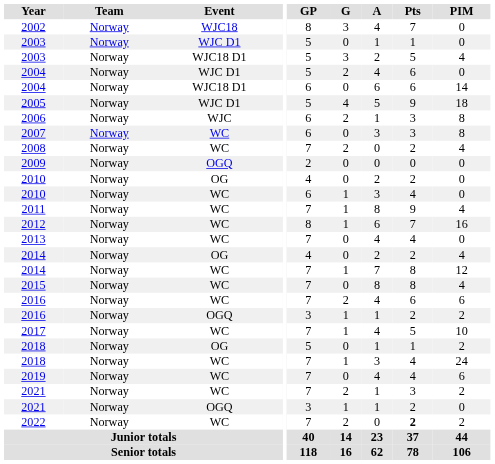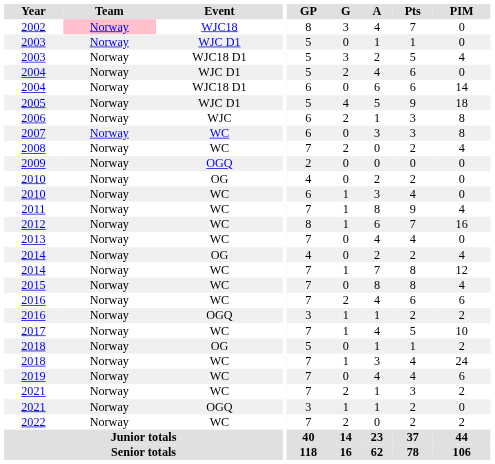 <table border="0" cellpadding="1" cellspacing="0" ID="Table3" style="text-align:center; width:40em">
 <tr ALIGN="center" bgcolor="#e0e0e0">
 <th>Year</th>
 <th>Team</th>
 <th>Event</th>
 <th rowspan="99" bgcolor="#ffffff"></th>
 <th>GP</th>
 <th>G</th>
 <th>A</th>
 <th>Pts</th>
 <th>PIM</th>
 </tr>
 <tr>
 <td><a href='#'>2002</a></td>
-<td><a href='#'>Norway</a></td>
+<td style="background: pink;"><a href='#'>Norway</a></td>
 <td><a href='#'>WJC18</a></td>
 <td>8</td>
 <td>3</td>
 <td>4</td>
 <td>7</td>
 <td>0</td>
 </tr>
 <tr style="background:#f0f0f0;">
 <td><a href='#'>2003</a></td>
 <td><a href='#'>Norway</a></td>
 <td><a href='#'>WJC D1</a></td>
 <td>5</td>
 <td>0</td>
 <td>1</td>
 <td>1</td>
 <td>0</td>
 </tr>
 <tr>
 <td><a href='#'>2003</a></td>
 <td>Norway</td>
 <td>WJC18 D1</td>
 <td>5</td>
 <td>3</td>
 <td>2</td>
 <td>5</td>
 <td>4</td>
 </tr>
 <tr style="background:#f0f0f0;">
 <td><a href='#'>2004</a></td>
 <td>Norway</td>
 <td>WJC D1</td>
 <td>5</td>
 <td>2</td>
 <td>4</td>
 <td>6</td>
 <td>0</td>
 </tr>
 <tr>
 <td><a href='#'>2004</a></td>
 <td>Norway</td>
 <td>WJC18 D1</td>
 <td>6</td>
 <td>0</td>
 <td>6</td>
 <td>6</td>
 <td>14</td>
 </tr>
 <tr style="background:#f0f0f0;">
 <td><a href='#'>2005</a></td>
 <td>Norway</td>
 <td>WJC D1</td>
 <td>5</td>
 <td>4</td>
 <td>5</td>
 <td>9</td>
 <td>18</td>
 </tr>
 <tr>
 <td><a href='#'>2006</a></td>
 <td>Norway</td>
 <td>WJC</td>
 <td>6</td>
 <td>2</td>
 <td>1</td>
 <td>3</td>
 <td>8</td>
 </tr>
 <tr style="background:#f0f0f0;">
 <td><a href='#'>2007</a></td>
 <td><a href='#'>Norway</a></td>
 <td><a href='#'>WC</a></td>
 <td>6</td>
 <td>0</td>
 <td>3</td>
 <td>3</td>
 <td>8</td>
 </tr>
 <tr>
 <td><a href='#'>2008</a></td>
 <td>Norway</td>
 <td>WC</td>
 <td>7</td>
 <td>2</td>
 <td>0</td>
 <td>2</td>
 <td>4</td>
 </tr>
 <tr style="background:#f0f0f0;">
 <td><a href='#'>2009</a></td>
 <td>Norway</td>
 <td><a href='#'>OGQ</a></td>
 <td>2</td>
 <td>0</td>
 <td>0</td>
 <td>0</td>
 <td>0</td>
 </tr>
 <tr>
 <td><a href='#'>2010</a></td>
 <td>Norway</td>
 <td>OG</td>
 <td>4</td>
 <td>0</td>
 <td>2</td>
 <td>2</td>
 <td>0</td>
 </tr>
 <tr style="background:#f0f0f0;">
 <td><a href='#'>2010</a></td>
 <td>Norway</td>
 <td>WC</td>
 <td>6</td>
 <td>1</td>
 <td>3</td>
 <td>4</td>
 <td>0</td>
 </tr>
 <tr>
 <td><a href='#'>2011</a></td>
 <td>Norway</td>
 <td>WC</td>
 <td>7</td>
 <td>1</td>
 <td>8</td>
 <td>9</td>
 <td>4</td>
 </tr>
 <tr style="background:#f0f0f0;">
 <td><a href='#'>2012</a></td>
 <td>Norway</td>
 <td>WC</td>
 <td>8</td>
 <td>1</td>
 <td>6</td>
 <td>7</td>
 <td>16</td>
 </tr>
 <tr>
 <td><a href='#'>2013</a></td>
 <td>Norway</td>
 <td>WC</td>
 <td>7</td>
 <td>0</td>
 <td>4</td>
 <td>4</td>
 <td>0</td>
 </tr>
 <tr style="background:#f0f0f0;">
 <td><a href='#'>2014</a></td>
 <td>Norway</td>
 <td>OG</td>
 <td>4</td>
 <td>0</td>
 <td>2</td>
 <td>2</td>
 <td>4</td>
 </tr>
 <tr>
 <td><a href='#'>2014</a></td>
 <td>Norway</td>
 <td>WC</td>
 <td>7</td>
 <td>1</td>
 <td>7</td>
 <td>8</td>
 <td>12</td>
 </tr>
 <tr bgcolor="#f0f0f0">
 <td><a href='#'>2015</a></td>
 <td>Norway</td>
 <td>WC</td>
 <td>7</td>
 <td>0</td>
 <td>8</td>
 <td>8</td>
 <td>4</td>
 </tr>
 <tr>
 <td><a href='#'>2016</a></td>
 <td>Norway</td>
 <td>WC</td>
 <td>7</td>
 <td>2</td>
 <td>4</td>
 <td>6</td>
 <td>6</td>
 </tr>
 <tr bgcolor="#f0f0f0">
 <td><a href='#'>2016</a></td>
 <td>Norway</td>
 <td>OGQ</td>
 <td>3</td>
 <td>1</td>
 <td>1</td>
 <td>2</td>
 <td>2</td>
 </tr>
 <tr>
 <td><a href='#'>2017</a></td>
 <td>Norway</td>
 <td>WC</td>
 <td>7</td>
 <td>1</td>
 <td>4</td>
 <td>5</td>
 <td>10</td>
 </tr>
 <tr bgcolor="#f0f0f0">
 <td><a href='#'>2018</a></td>
 <td>Norway</td>
 <td>OG</td>
 <td>5</td>
 <td>0</td>
 <td>1</td>
 <td>1</td>
 <td>2</td>
 </tr>
 <tr>
 <td><a href='#'>2018</a></td>
 <td>Norway</td>
 <td>WC</td>
 <td>7</td>
 <td>1</td>
 <td>3</td>
 <td>4</td>
 <td>24</td>
 </tr>
 <tr bgcolor="#f0f0f0">
 <td><a href='#'>2019</a></td>
 <td>Norway</td>
 <td>WC</td>
 <td>7</td>
 <td>0</td>
 <td>4</td>
 <td>4</td>
 <td>6</td>
 </tr>
 <tr>
 <td><a href='#'>2021</a></td>
 <td>Norway</td>
 <td>WC</td>
 <td>7</td>
 <td>2</td>
 <td>1</td>
 <td>3</td>
 <td>2</td>
 </tr>
 <tr bgcolor="#f0f0f0">
 <td><a href='#'>2021</a></td>
 <td>Norway</td>
 <td>OGQ</td>
 <td>3</td>
 <td>1</td>
 <td>1</td>
 <td>2</td>
 <td>0</td>
 </tr>
 <tr>
 <td><a href='#'>2022</a></td>
 <td>Norway</td>
 <td>WC</td>
 <td>7</td>
 <td>2</td>
 <td>0</td>
-<td><strong>2</strong></td>
+<td>2</td>
 <td>2</td>
 </tr>
 <tr style="background:#e0e0e0;">
 <th colspan="3">Junior totals</th>
 <th>40</th>
 <th>14</th>
 <th>23</th>
 <th>37</th>
 <th>44</th>
 </tr>
 <tr style="background:#e0e0e0;">
 <th colspan="3">Senior totals</th>
 <th>118</th>
 <th>16</th>
 <th>62</th>
 <th>78</th>
 <th>106</th>
 </tr>
 </table>
